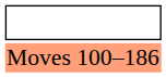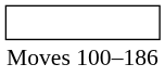 <table style="display:inline; display:inline-table;">
 <tr>
 <td style="border: solid thin; padding: 2px;"><br></td>
 </tr>
 <tr>
-<td style="background: lightsalmon; text-align:center">Moves 100–186</td>
+<td style="text-align:center">Moves 100–186</td>
 </tr>
 </table>
